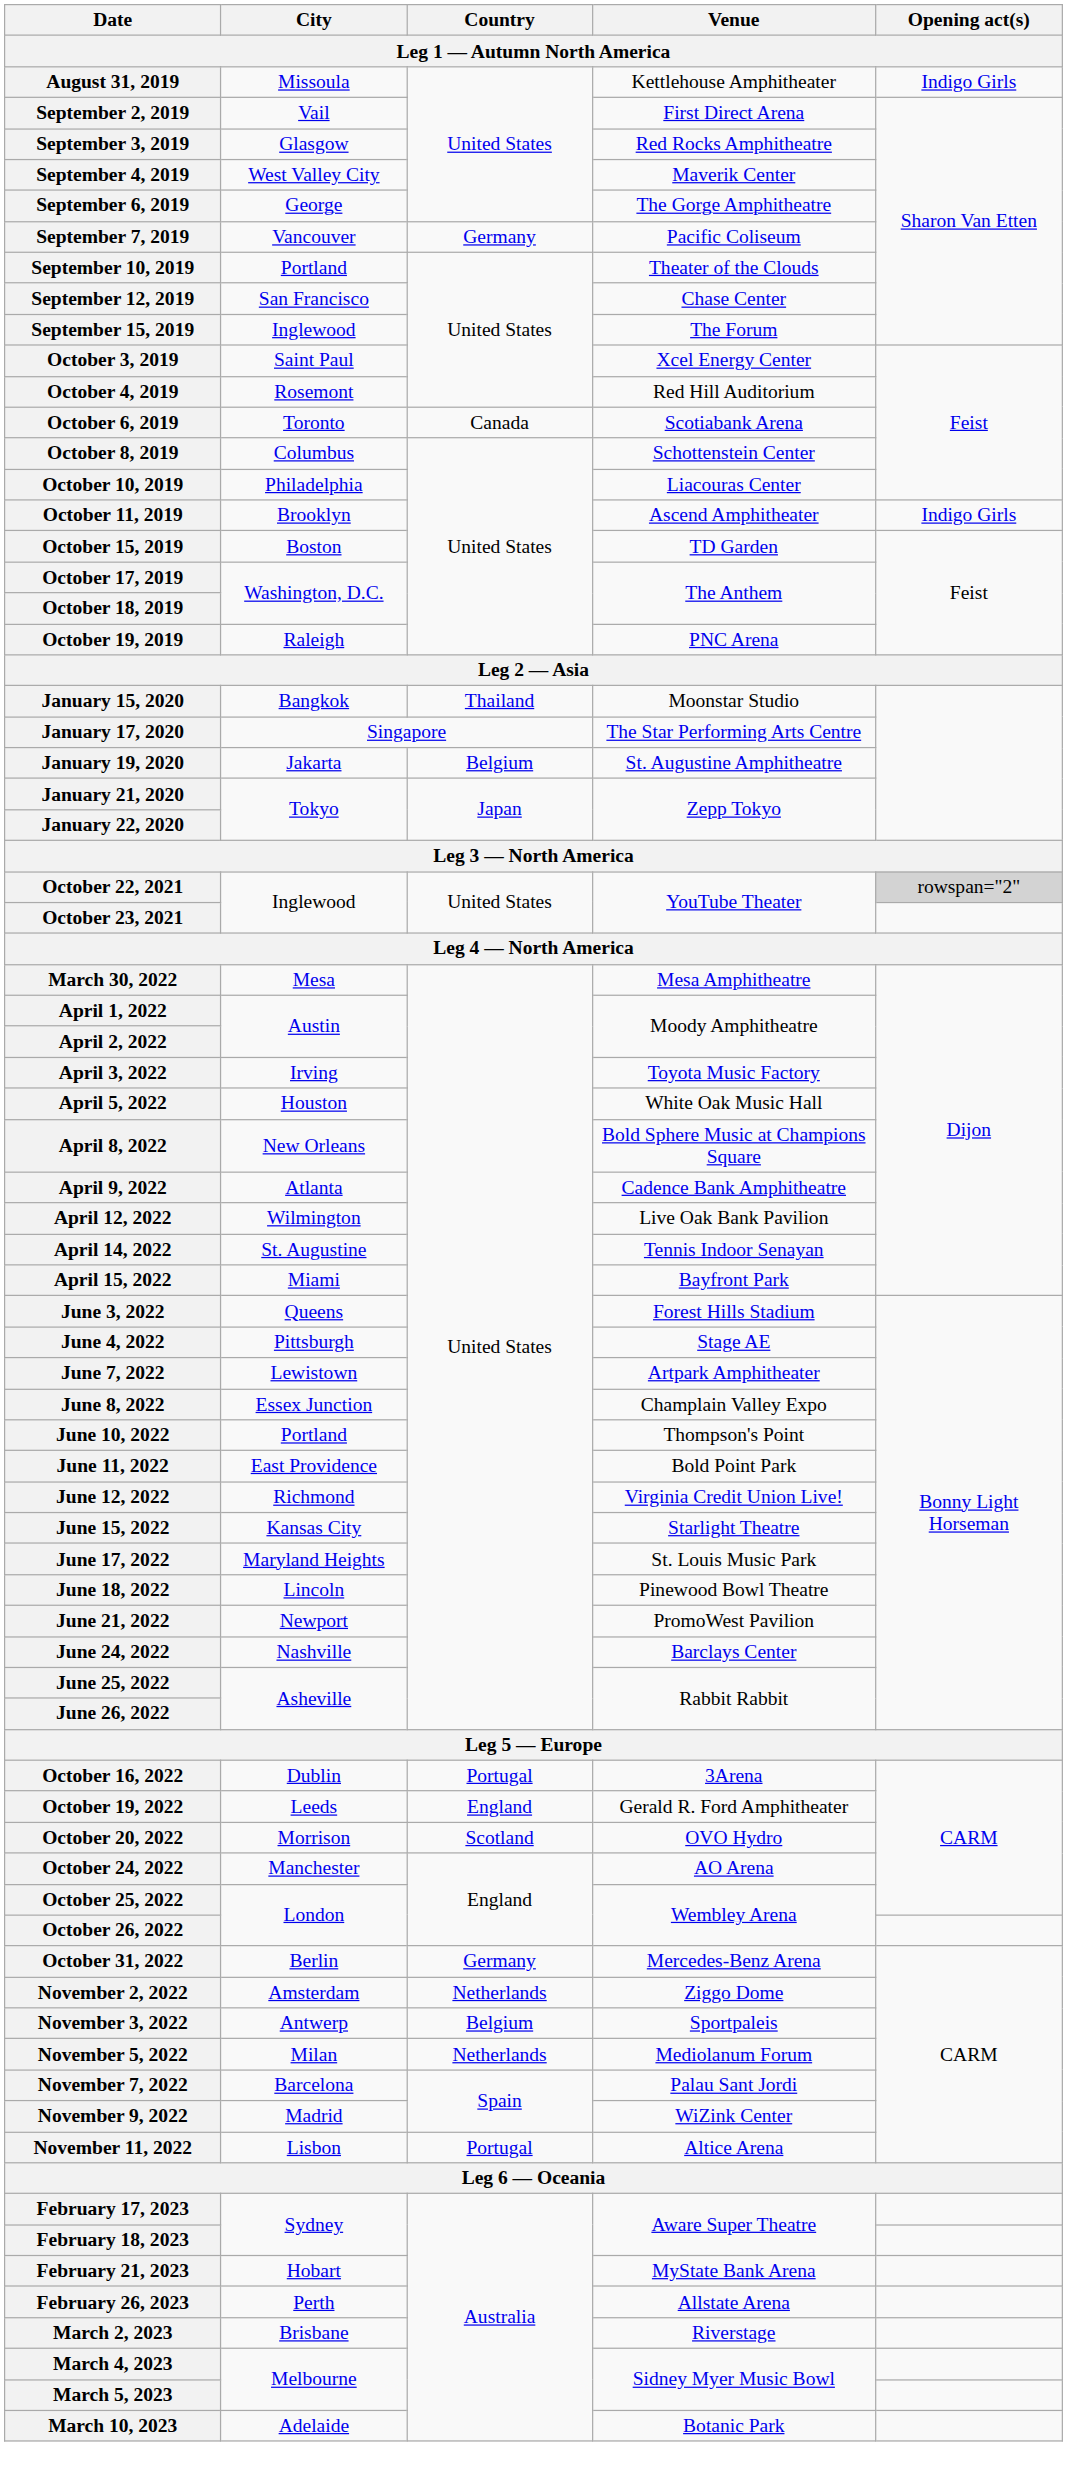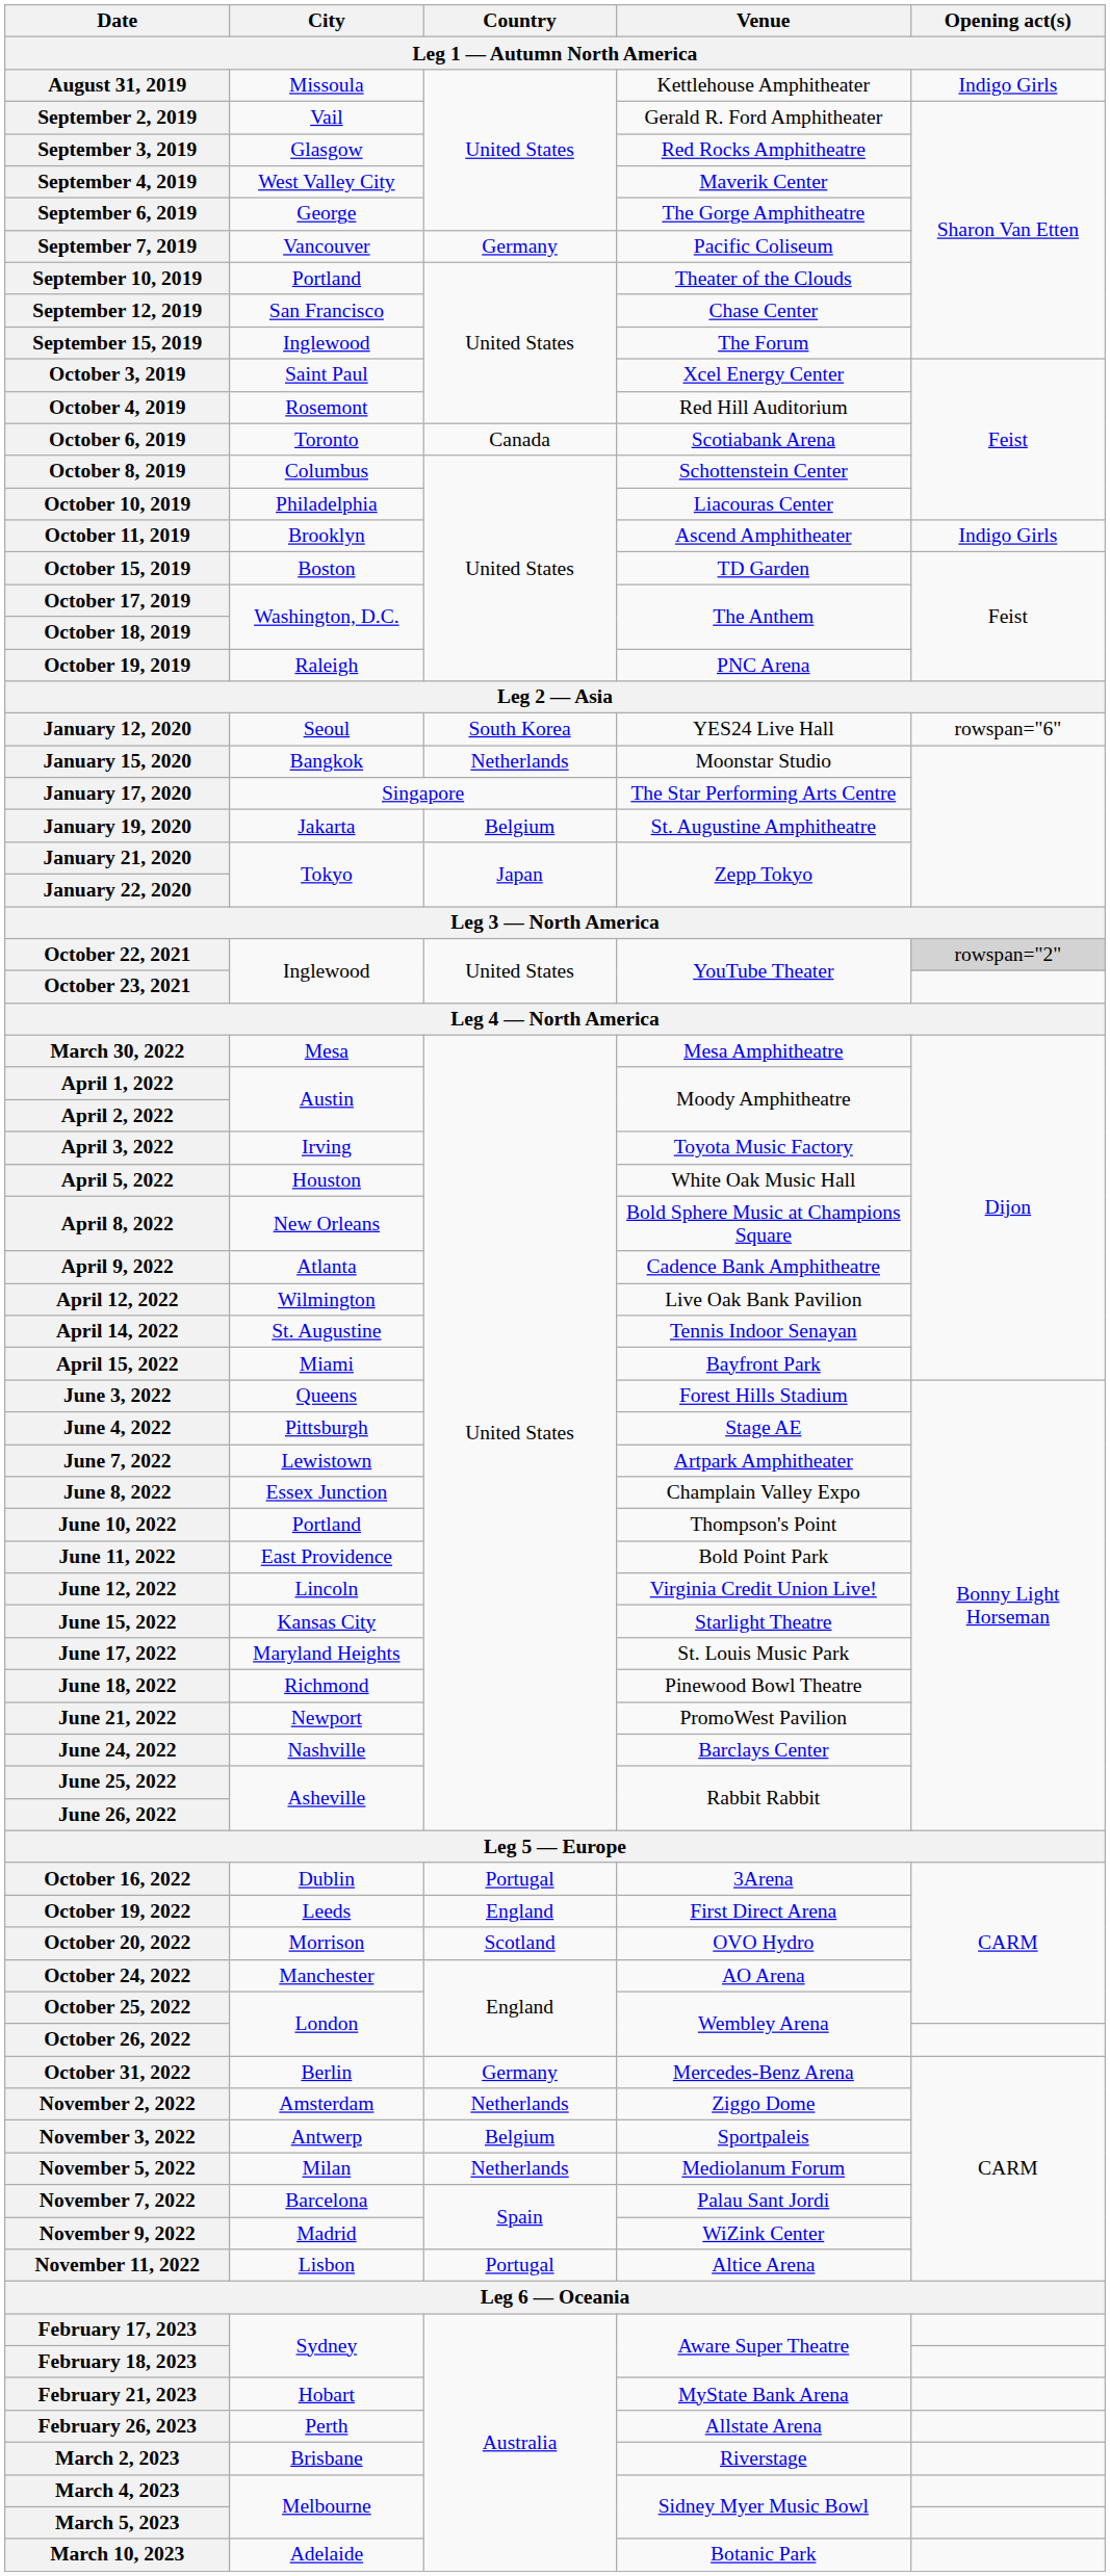 <table class="wikitable sortable plainrowheaders" style="text-align:center;">
 <tr>
 <th scope="col" style="width:12em;">Date</th>
 <th scope="col" style="width:10em;">City</th>
 <th scope="col" style="width:10em;">Country</th>
 <th scope="col" style="width:16em;">Venue</th>
 <th scope="col" style="width:10em;">Opening act(s)</th>
 </tr>
 <tr>
 <th colspan="5">Leg 1 — Autumn North America</th>
 </tr>
 <tr>
 <th scope="row" style="text-align:center;">August 31, 2019</th>
 <td><a href='#'>Missoula</a></td>
 <td rowspan="5"><a href='#'>United States</a></td>
 <td>Kettlehouse Amphitheater</td>
 <td><a href='#'>Indigo Girls</a></td>
 </tr>
 <tr>
 <th scope="row" style="text-align:center;">September 2, 2019</th>
 <td><a href='#'>Vail</a></td>
-<td><a href='#'>First Direct Arena</a></td>
+<td>Gerald R. Ford Amphitheater</td>
 <td rowspan="8"><a href='#'>Sharon Van Etten</a></td>
 </tr>
 <tr>
 <th scope="row" style="text-align:center;">September 3, 2019</th>
 <td><a href='#'>Glasgow</a></td>
 <td><a href='#'>Red Rocks Amphitheatre</a></td>
 </tr>
 <tr>
 <th scope="row" style="text-align:center;">September 4, 2019</th>
 <td><a href='#'>West Valley City</a></td>
 <td><a href='#'>Maverik Center</a></td>
 </tr>
 <tr>
 <th scope="row" style="text-align:center;">September 6, 2019</th>
 <td><a href='#'>George</a></td>
 <td><a href='#'>The Gorge Amphitheatre</a></td>
 </tr>
 <tr>
 <th scope="row" style="text-align:center;">September 7, 2019</th>
 <td><a href='#'>Vancouver</a></td>
 <td><a href='#'>Germany</a></td>
 <td><a href='#'>Pacific Coliseum</a></td>
 </tr>
 <tr>
 <th scope="row" style="text-align:center;">September 10, 2019</th>
 <td><a href='#'>Portland</a></td>
 <td rowspan="5">United States</td>
 <td><a href='#'>Theater of the Clouds</a></td>
 </tr>
 <tr>
 <th scope="row" style="text-align:center;">September 12, 2019</th>
 <td><a href='#'>San Francisco</a></td>
 <td><a href='#'>Chase Center</a></td>
 </tr>
 <tr>
 <th scope="row" style="text-align:center;">September 15, 2019</th>
 <td><a href='#'>Inglewood</a></td>
 <td><a href='#'>The Forum</a></td>
 </tr>
 <tr>
 <th scope="row" style="text-align:center;">October 3, 2019</th>
 <td><a href='#'>Saint Paul</a></td>
 <td><a href='#'>Xcel Energy Center</a></td>
 <td rowspan="5"><a href='#'>Feist</a></td>
 </tr>
 <tr>
 <th scope="row" style="text-align:center;">October 4, 2019</th>
 <td><a href='#'>Rosemont</a></td>
 <td>Red Hill Auditorium</td>
 </tr>
 <tr>
 <th scope="row" style="text-align:center;">October 6, 2019</th>
 <td><a href='#'>Toronto</a></td>
 <td>Canada</td>
 <td><a href='#'>Scotiabank Arena</a></td>
 </tr>
 <tr>
 <th scope="row" style="text-align:center;">October 8, 2019</th>
 <td><a href='#'>Columbus</a></td>
 <td rowspan="7">United States</td>
 <td><a href='#'>Schottenstein Center</a></td>
 </tr>
 <tr>
 <th scope="row" style="text-align:center;">October 10, 2019</th>
 <td><a href='#'>Philadelphia</a></td>
 <td><a href='#'>Liacouras Center</a></td>
 </tr>
 <tr>
 <th scope="row" style="text-align:center;">October 11, 2019</th>
 <td><a href='#'>Brooklyn</a></td>
 <td><a href='#'>Ascend Amphitheater</a></td>
 <td><a href='#'>Indigo Girls</a></td>
 </tr>
 <tr>
 <th scope="row" style="text-align:center;">October 15, 2019</th>
 <td><a href='#'>Boston</a></td>
 <td><a href='#'>TD Garden</a></td>
 <td rowspan="4">Feist</td>
 </tr>
 <tr>
 <th scope="row" style="text-align:center;">October 17, 2019</th>
 <td rowspan="2"><a href='#'>Washington, D.C.</a></td>
 <td rowspan="2"><a href='#'>The Anthem</a></td>
 </tr>
 <tr>
 <th scope="row" style="text-align:center;">October 18, 2019</th>
 </tr>
 <tr>
 <th scope="row" style="text-align:center;">October 19, 2019</th>
 <td><a href='#'>Raleigh</a></td>
 <td><a href='#'>PNC Arena</a></td>
 </tr>
 <tr>
 <th colspan="5">Leg 2 — Asia</th>
 </tr>
 <tr>
+<th scope="row" style="text-align:center;">January 12, 2020</th>
+<td><a href='#'>Seoul</a></td>
+<td><a href='#'>South Korea</a></td>
+<td>YES24 Live Hall</td>
+<td>rowspan="6" </td>
+</tr>
+<tr>
 <th scope="row" style="text-align:center;">January 15, 2020</th>
 <td><a href='#'>Bangkok</a></td>
-<td><a href='#'>Thailand</a></td>
+<td><a href='#'>Netherlands</a></td>
 <td>Moonstar Studio</td>
 </tr>
 <tr>
 <th scope="row" style="text-align:center;">January 17, 2020</th>
 <td colspan="2"><a href='#'>Singapore</a></td>
 <td><a href='#'>The Star Performing Arts Centre</a></td>
 </tr>
 <tr>
 <th scope="row" style="text-align:center;">January 19, 2020</th>
 <td><a href='#'>Jakarta</a></td>
 <td><a href='#'>Belgium</a></td>
 <td><a href='#'>St. Augustine Amphitheatre</a></td>
 </tr>
 <tr>
 <th scope="row" style="text-align:center;">January 21, 2020</th>
 <td rowspan="2"><a href='#'>Tokyo</a></td>
 <td rowspan="2"><a href='#'>Japan</a></td>
 <td rowspan="2"><a href='#'>Zepp Tokyo</a></td>
 </tr>
 <tr>
 <th scope="row" style="text-align:center;">January 22, 2020</th>
 </tr>
 <tr>
 <th colspan="5">Leg 3 — North America</th>
 </tr>
 <tr>
 <th scope="row" style="text-align:center;">October 22, 2021</th>
 <td rowspan="2">Inglewood</td>
 <td rowspan="2">United States</td>
 <td rowspan="2"><a href='#'>YouTube Theater</a></td>
 <td style="background: lightgrey;">rowspan="2" </td>
 </tr>
 <tr>
 <th scope="row" style="text-align:center;">October 23, 2021</th>
 </tr>
 <tr>
 <th colspan="5">Leg 4 — North America</th>
 </tr>
 <tr>
 <th scope="row" style="text-align:center;">March 30, 2022</th>
 <td><a href='#'>Mesa</a></td>
 <td rowspan="24">United States</td>
 <td><a href='#'>Mesa Amphitheatre</a></td>
 <td rowspan="10"><a href='#'>Dijon</a></td>
 </tr>
 <tr>
 <th scope="row" style="text-align:center;">April 1, 2022</th>
 <td rowspan="2"><a href='#'>Austin</a></td>
 <td rowspan="2">Moody Amphitheatre</td>
 </tr>
 <tr>
 <th scope="row" style="text-align:center;">April 2, 2022</th>
 </tr>
 <tr>
 <th scope="row" style="text-align:center;">April 3, 2022</th>
 <td><a href='#'>Irving</a></td>
 <td><a href='#'>Toyota Music Factory</a></td>
 </tr>
 <tr>
 <th scope="row" style="text-align:center;">April 5, 2022</th>
 <td><a href='#'>Houston</a></td>
 <td>White Oak Music Hall</td>
 </tr>
 <tr>
 <th scope="row" style="text-align:center;">April 8, 2022</th>
 <td><a href='#'>New Orleans</a></td>
 <td><a href='#'>Bold Sphere Music at Champions Square</a></td>
 </tr>
 <tr>
 <th scope="row" style="text-align:center;">April 9, 2022</th>
 <td><a href='#'>Atlanta</a></td>
 <td><a href='#'>Cadence Bank Amphitheatre</a></td>
 </tr>
 <tr>
 <th scope="row" style="text-align:center;">April 12, 2022</th>
 <td><a href='#'>Wilmington</a></td>
 <td>Live Oak Bank Pavilion</td>
 </tr>
 <tr>
 <th scope="row" style="text-align:center;">April 14, 2022</th>
 <td><a href='#'>St. Augustine</a></td>
 <td><a href='#'>Tennis Indoor Senayan</a></td>
 </tr>
 <tr>
 <th scope="row" style="text-align:center;">April 15, 2022</th>
 <td><a href='#'>Miami</a></td>
 <td><a href='#'>Bayfront Park</a></td>
 </tr>
 <tr>
 <th scope="row" style="text-align:center;">June 3, 2022</th>
 <td><a href='#'>Queens</a></td>
 <td><a href='#'>Forest Hills Stadium</a></td>
 <td rowspan="14"><a href='#'>Bonny Light Horseman</a></td>
 </tr>
 <tr>
 <th scope="row" style="text-align:center;">June 4, 2022</th>
 <td><a href='#'>Pittsburgh</a></td>
 <td><a href='#'>Stage AE</a></td>
 </tr>
 <tr>
 <th scope="row" style="text-align:center;">June 7, 2022</th>
 <td><a href='#'>Lewistown</a></td>
 <td><a href='#'>Artpark Amphitheater</a></td>
 </tr>
 <tr>
 <th scope="row" style="text-align:center;">June 8, 2022</th>
 <td><a href='#'>Essex Junction</a></td>
 <td>Champlain Valley Expo</td>
 </tr>
 <tr>
 <th scope="row" style="text-align:center;">June 10, 2022</th>
 <td><a href='#'>Portland</a></td>
 <td>Thompson's Point</td>
 </tr>
 <tr>
 <th scope="row" style="text-align:center;">June 11, 2022</th>
 <td><a href='#'>East Providence</a></td>
 <td>Bold Point Park</td>
 </tr>
 <tr>
 <th scope="row" style="text-align:center;">June 12, 2022</th>
-<td><a href='#'>Richmond</a></td>
+<td><a href='#'>Lincoln</a></td>
 <td><a href='#'>Virginia Credit Union Live!</a></td>
 </tr>
 <tr>
 <th scope="row" style="text-align:center;">June 15, 2022</th>
 <td><a href='#'>Kansas City</a></td>
 <td><a href='#'>Starlight Theatre</a></td>
 </tr>
 <tr>
 <th scope="row" style="text-align:center;">June 17, 2022</th>
 <td><a href='#'>Maryland Heights</a></td>
 <td>St. Louis Music Park</td>
 </tr>
 <tr>
 <th scope="row" style="text-align:center;">June 18, 2022</th>
-<td><a href='#'>Lincoln</a></td>
+<td><a href='#'>Richmond</a></td>
 <td>Pinewood Bowl Theatre</td>
 </tr>
 <tr>
 <th scope="row" style="text-align:center;">June 21, 2022</th>
 <td><a href='#'>Newport</a></td>
 <td>PromoWest Pavilion</td>
 </tr>
 <tr>
 <th scope="row" style="text-align:center;">June 24, 2022</th>
 <td><a href='#'>Nashville</a></td>
 <td><a href='#'>Barclays Center</a></td>
 </tr>
 <tr>
 <th scope="row" style="text-align:center;">June 25, 2022</th>
 <td rowspan="2"><a href='#'>Asheville</a></td>
 <td rowspan="2">Rabbit Rabbit</td>
 </tr>
 <tr>
 <th scope="row" style="text-align:center;">June 26, 2022</th>
 </tr>
 <tr>
 <th colspan="5">Leg 5 — Europe</th>
 </tr>
 <tr>
 <th scope="row" style="text-align:center;">October 16, 2022</th>
 <td><a href='#'>Dublin</a></td>
 <td><a href='#'>Portugal</a></td>
 <td><a href='#'>3Arena</a></td>
 <td rowspan="5"><a href='#'>CARM</a></td>
 </tr>
 <tr>
 <th scope="row" style="text-align:center;">October 19, 2022</th>
 <td><a href='#'>Leeds</a></td>
 <td><a href='#'>England</a></td>
-<td>Gerald R. Ford Amphitheater</td>
+<td><a href='#'>First Direct Arena</a></td>
 </tr>
 <tr>
 <th scope="row" style="text-align:center;">October 20, 2022</th>
 <td><a href='#'>Morrison</a></td>
 <td><a href='#'>Scotland</a></td>
 <td><a href='#'>OVO Hydro</a></td>
 </tr>
 <tr>
 <th scope="row" style="text-align:center;">October 24, 2022</th>
 <td><a href='#'>Manchester</a></td>
 <td rowspan="3">England</td>
 <td><a href='#'>AO Arena</a></td>
 </tr>
 <tr>
 <th scope="row" style="text-align:center;">October 25, 2022</th>
 <td rowspan="2"><a href='#'>London</a></td>
 <td rowspan="2"><a href='#'>Wembley Arena</a></td>
 </tr>
 <tr>
 <th scope="row" style="text-align:center;">October 26, 2022</th>
 <td></td>
 </tr>
 <tr>
 <th scope="row" style="text-align:center;">October 31, 2022</th>
 <td><a href='#'>Berlin</a></td>
 <td><a href='#'>Germany</a></td>
 <td><a href='#'>Mercedes-Benz Arena</a></td>
 <td rowspan="7">CARM</td>
 </tr>
 <tr>
 <th scope="row" style="text-align:center;">November 2, 2022</th>
 <td><a href='#'>Amsterdam</a></td>
 <td><a href='#'>Netherlands</a></td>
 <td><a href='#'>Ziggo Dome</a></td>
 </tr>
 <tr>
 <th scope="row" style="text-align:center;">November 3, 2022</th>
 <td><a href='#'>Antwerp</a></td>
 <td><a href='#'>Belgium</a></td>
 <td><a href='#'>Sportpaleis</a></td>
 </tr>
 <tr>
 <th scope="row" style="text-align:center;">November 5, 2022</th>
 <td><a href='#'>Milan</a></td>
 <td><a href='#'>Netherlands</a></td>
 <td><a href='#'>Mediolanum Forum</a></td>
 </tr>
 <tr>
 <th scope="row" style="text-align:center;">November 7, 2022</th>
 <td><a href='#'>Barcelona</a></td>
 <td rowspan="2"><a href='#'>Spain</a></td>
 <td><a href='#'>Palau Sant Jordi</a></td>
 </tr>
 <tr>
 <th scope="row" style="text-align:center;">November 9, 2022</th>
 <td><a href='#'>Madrid</a></td>
 <td><a href='#'>WiZink Center</a></td>
 </tr>
 <tr>
 <th scope="row" style="text-align:center;">November 11, 2022</th>
 <td><a href='#'>Lisbon</a></td>
 <td><a href='#'>Portugal</a></td>
 <td><a href='#'>Altice Arena</a></td>
 </tr>
 <tr>
 <th colspan="5">Leg 6 — Oceania</th>
 </tr>
 <tr>
 <th>February 17, 2023</th>
 <td rowspan="2"><a href='#'>Sydney</a></td>
 <td rowspan="8"><a href='#'>Australia</a></td>
 <td rowspan="2"><a href='#'>Aware Super Theatre</a></td>
 <td></td>
 </tr>
 <tr>
 <th>February 18, 2023</th>
 <td></td>
 </tr>
 <tr>
 <th>February 21, 2023</th>
 <td><a href='#'>Hobart</a></td>
 <td><a href='#'>MyState Bank Arena</a></td>
 <td></td>
 </tr>
 <tr>
 <th>February 26, 2023</th>
 <td><a href='#'>Perth</a></td>
 <td><a href='#'>Allstate Arena</a></td>
 <td></td>
 </tr>
 <tr>
 <th>March 2, 2023</th>
 <td><a href='#'>Brisbane</a></td>
 <td><a href='#'>Riverstage</a></td>
 <td></td>
 </tr>
 <tr>
 <th>March 4, 2023</th>
 <td rowspan="2"><a href='#'>Melbourne</a></td>
 <td rowspan="2"><a href='#'>Sidney Myer Music Bowl</a></td>
 <td></td>
 </tr>
 <tr>
 <th>March 5, 2023</th>
 <td></td>
 </tr>
 <tr>
 <th>March 10, 2023</th>
 <td><a href='#'>Adelaide</a></td>
 <td><a href='#'>Botanic Park</a></td>
 <td></td>
 </tr>
 </table>
